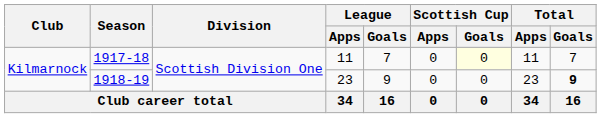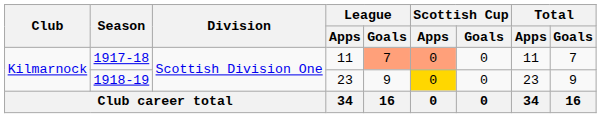 <table class="wikitable" style="text-align:center;">
 <tr>
 <th rowspan="2">Club</th>
 <th rowspan="2">Season</th>
 <th rowspan="2">Division</th>
 <th colspan="2">League</th>
 <th colspan="2">Scottish Cup</th>
 <th colspan="2">Total</th>
 </tr>
 <tr>
 <th>Apps</th>
 <th>Goals</th>
 <th>Apps</th>
 <th>Goals</th>
 <th>Apps</th>
 <th>Goals</th>
 </tr>
 <tr>
 <td rowspan="2"><a href='#'>Kilmarnock</a></td>
 <td><a href='#'>1917-18</a></td>
 <td rowspan="2"><a href='#'>Scottish Division One</a></td>
 <td>11</td>
-<td>7</td>
+<td style="background: lightsalmon;">7</td>
+<td style="background: lightsalmon;">0</td>
 <td>0</td>
-<td style="background: lightyellow;">0</td>
 <td>11</td>
 <td>7</td>
 </tr>
 <tr>
 <td><a href='#'>1918-19</a></td>
 <td>23</td>
 <td>9</td>
-<td>0</td>
+<td style="background: gold;">0</td>
 <td>0</td>
 <td>23</td>
-<td><strong>9</strong></td>
+<td>9</td>
 </tr>
 <tr>
 <th colspan="3">Club career total</th>
 <th>34</th>
 <th>16</th>
 <th>0</th>
 <th>0</th>
 <th>34</th>
 <th>16</th>
 </tr>
 </table>
